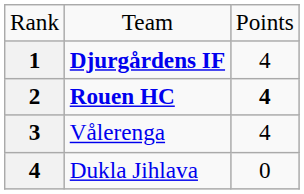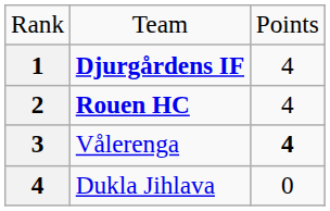 <table class="wikitable" style="text-align: center;">
 <tr>
 <td>Rank</td>
 <td>Team</td>
 <td>Points</td>
 </tr>
 <tr>
 <th>1</th>
 <td style="text-align: left;"> <strong><a href='#'>Djurgårdens IF</a></strong></td>
 <td>4</td>
 </tr>
 <tr>
 <th>2</th>
 <td style="text-align: left;"> <strong><a href='#'>Rouen HC</a></strong></td>
-<td><strong>4</strong></td>
+<td>4</td>
 </tr>
 <tr>
 <th>3</th>
 <td style="text-align: left;"> <a href='#'>Vålerenga</a></td>
-<td>4</td>
+<td><strong>4</strong></td>
 </tr>
 <tr>
 <th>4</th>
 <td style="text-align: left;"> <a href='#'>Dukla Jihlava</a></td>
 <td>0</td>
 </tr>
 </table>
